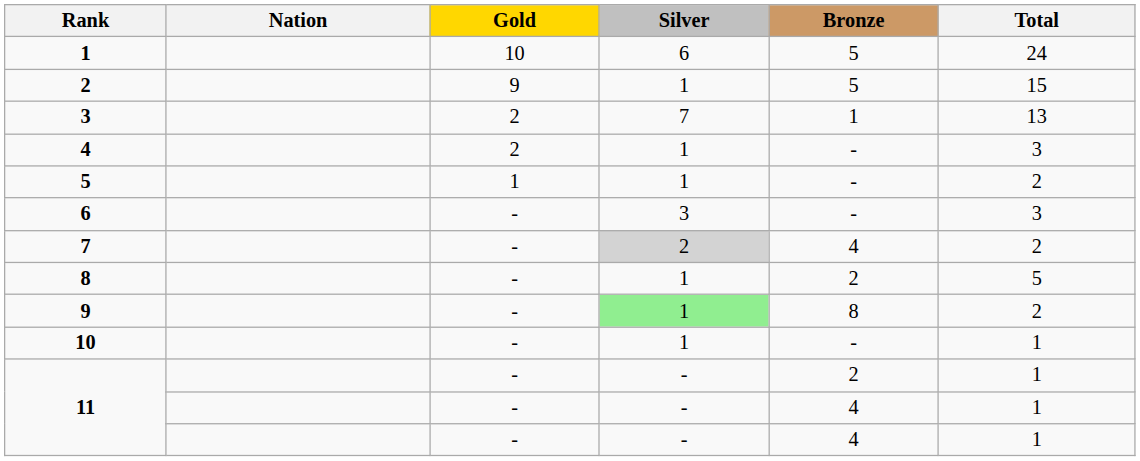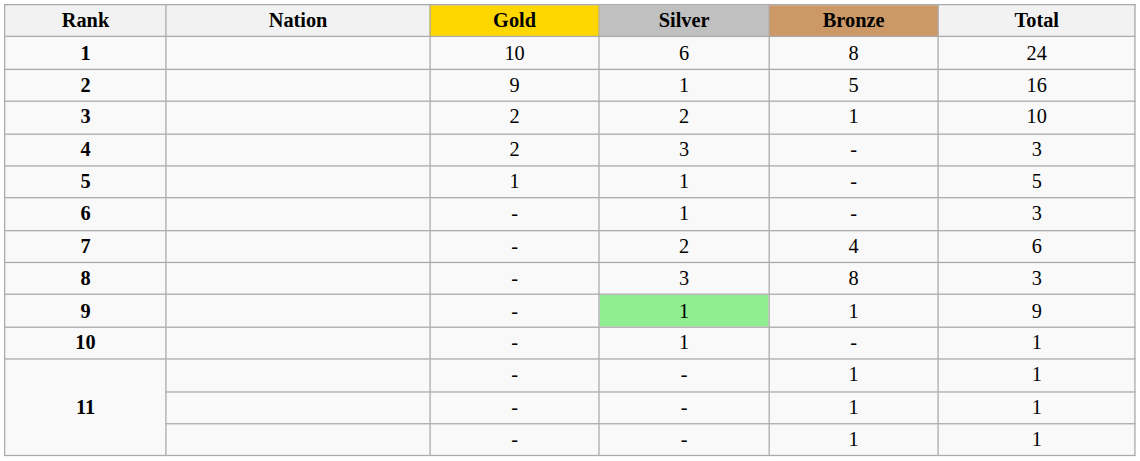 <table class="wikitable collapsible autocollapse plainrowheaders" width=70.5% style="text-align:center;">
 <tr style="background-color:#EDEDED;">
 <th width=120px class="hintergrundfarbe5">Rank</th>
 <th width=200px class="hintergrundfarbe6">Nation</th>
 <th style="background:    gold; width:15%">Gold</th>
 <th style="background:  silver; width:15%">Silver</th>
 <th style="background: #CC9966; width:15%">Bronze</th>
 <th>Total</th>
 </tr>
 <tr>
 <td><strong>1</strong></td>
 <td align=left></td>
 <td>10</td>
 <td>6</td>
-<td>5</td>
+<td>8</td>
 <td>24</td>
 </tr>
 <tr>
 <td><strong>2</strong></td>
 <td align=left></td>
 <td>9</td>
 <td>1</td>
 <td>5</td>
-<td>15</td>
+<td>16</td>
 </tr>
 <tr>
 <td><strong>3</strong></td>
 <td align=left></td>
 <td>2</td>
-<td>7</td>
+<td>2</td>
 <td>1</td>
-<td>13</td>
+<td>10</td>
 </tr>
 <tr>
 <td><strong>4</strong></td>
 <td align=left></td>
 <td>2</td>
-<td>1</td>
+<td>3</td>
 <td>-</td>
 <td>3</td>
 </tr>
 <tr>
 <td><strong>5</strong></td>
 <td align=left></td>
 <td>1</td>
 <td>1</td>
 <td>-</td>
-<td>2</td>
+<td>5</td>
 </tr>
 <tr>
 <td><strong>6</strong></td>
 <td align=left></td>
 <td>-</td>
-<td>3</td>
+<td>1</td>
 <td>-</td>
 <td>3</td>
 </tr>
 <tr>
 <td><strong>7</strong></td>
 <td align=left></td>
 <td>-</td>
-<td style="background: lightgrey;">2</td>
+<td>2</td>
 <td>4</td>
-<td>2</td>
+<td>6</td>
 </tr>
 <tr>
 <td><strong>8</strong></td>
 <td align=left></td>
 <td>-</td>
-<td>1</td>
-<td>2</td>
-<td>5</td>
+<td>3</td>
+<td>8</td>
+<td>3</td>
 </tr>
 <tr>
 <td><strong>9</strong></td>
 <td align=left></td>
 <td>-</td>
 <td style="background: lightgreen;">1</td>
-<td>8</td>
-<td>2</td>
+<td>1</td>
+<td>9</td>
 </tr>
 <tr>
 <td><strong>10</strong></td>
 <td align=left></td>
 <td>-</td>
 <td>1</td>
 <td>-</td>
 <td>1</td>
 </tr>
 <tr>
 <td rowspan=3><strong>11</strong></td>
 <td align=left></td>
 <td>-</td>
 <td>-</td>
-<td>2</td>
+<td>1</td>
 <td>1</td>
 </tr>
 <tr>
 <td align=left></td>
 <td>-</td>
 <td>-</td>
-<td>4</td>
+<td>1</td>
 <td>1</td>
 </tr>
 <tr>
 <td align=left></td>
 <td>-</td>
 <td>-</td>
-<td>4</td>
+<td>1</td>
 <td>1</td>
 </tr>
 </table>
